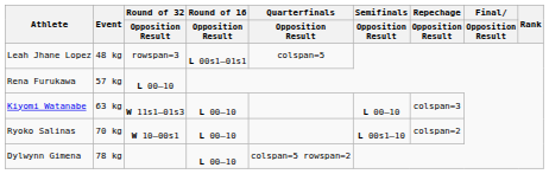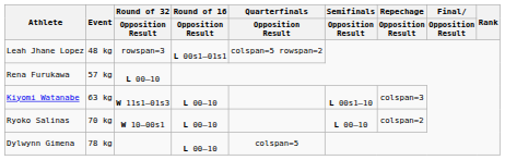 <table class=wikitable style="text-align:center; font-size:90%">
 <tr>
 <th rowspan=2>Athlete</th>
 <th rowspan=2>Event</th>
 <th>Round of 32</th>
 <th>Round of 16</th>
 <th>Quarterfinals</th>
 <th>Semifinals</th>
 <th>Repechage</th>
 <th>Final/</th>
 <th rowspan=2>Rank</th>
 </tr>
 <tr style="font-size:95%">
 <th>Opposition<br>Result</th>
 <th>Opposition<br>Result</th>
 <th>Opposition<br>Result</th>
 <th>Opposition<br>Result</th>
 <th>Opposition<br>Result</th>
 <th>Opposition<br>Result</th>
 </tr>
 <tr>
 <td align=left>Leah Jhane Lopez</td>
 <td>48 kg</td>
 <td>rowspan=3 </td>
 <td><br><strong>L</strong> 00s1–01s1</td>
-<td>colspan=5 </td>
+<td>colspan=5 rowspan=2 </td>
 </tr>
 <tr>
 <td align=left>Rena Furukawa</td>
 <td>57 kg</td>
 <td><br><strong>L</strong> 00–10</td>
 </tr>
 <tr>
 <td align=left><a href='#'>Kiyomi Watanabe</a></td>
 <td>63 kg</td>
 <td><br><strong>W</strong> 11s1–01s3</td>
 <td><br><strong>L</strong> 00–10</td>
 <td></td>
-<td><br><strong>L</strong> 00–10</td>
+<td><br><strong>L</strong> 00s1–10</td>
 <td>colspan=3 </td>
 </tr>
 <tr>
 <td align=left>Ryoko Salinas</td>
 <td>70 kg</td>
 <td><br><strong>W</strong> 10–00s1</td>
 <td><br><strong>L</strong> 00–10</td>
 <td></td>
-<td><br><strong>L</strong> 00s1–10</td>
+<td><br><strong>L</strong> 00–10</td>
 <td>colspan=2 </td>
 </tr>
 <tr>
 <td align=left>Dylwynn Gimena</td>
 <td>78 kg</td>
 <td></td>
 <td><br><strong>L</strong> 00–10</td>
-<td>colspan=5 rowspan=2 </td>
+<td>colspan=5 </td>
 </tr>
 </table>
